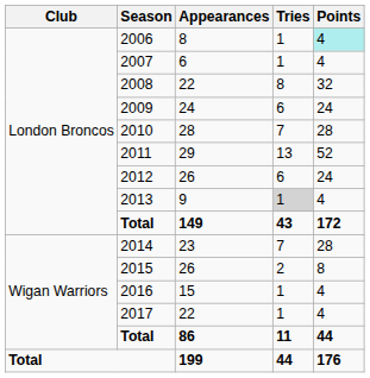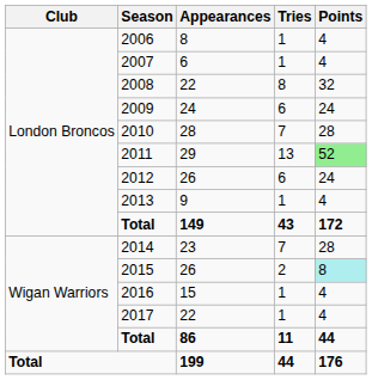 <table class="wikitable">
 <tr>
 <th>Club</th>
 <th>Season</th>
 <th>Appearances</th>
 <th>Tries</th>
 <th>Points</th>
 </tr>
 <tr>
 <td rowspan="9">London Broncos</td>
 <td>2006</td>
 <td>8</td>
 <td>1</td>
-<td style="background: paleturquoise;">4</td>
+<td>4</td>
 </tr>
 <tr>
 <td>2007</td>
 <td>6</td>
 <td>1</td>
 <td>4</td>
 </tr>
 <tr>
 <td>2008</td>
 <td>22</td>
 <td>8</td>
 <td>32</td>
 </tr>
 <tr>
 <td>2009</td>
 <td>24</td>
 <td>6</td>
 <td>24</td>
 </tr>
 <tr>
 <td>2010</td>
 <td>28</td>
 <td>7</td>
 <td>28</td>
 </tr>
 <tr>
 <td>2011</td>
 <td>29</td>
 <td>13</td>
-<td>52</td>
+<td style="background: lightgreen;">52</td>
 </tr>
 <tr>
 <td>2012</td>
 <td>26</td>
 <td>6</td>
 <td>24</td>
 </tr>
 <tr>
 <td>2013</td>
 <td>9</td>
-<td style="background: lightgrey;">1</td>
+<td>1</td>
 <td>4</td>
 </tr>
 <tr>
 <td><strong>Total</strong></td>
 <td><strong>149</strong></td>
 <td><strong>43</strong></td>
 <td><strong>172</strong></td>
 </tr>
 <tr>
 <td rowspan="5">Wigan Warriors</td>
 <td>2014</td>
 <td>23</td>
 <td>7</td>
 <td>28</td>
 </tr>
 <tr>
 <td>2015</td>
 <td>26</td>
 <td>2</td>
-<td>8</td>
+<td style="background: paleturquoise;">8</td>
 </tr>
 <tr>
 <td>2016</td>
 <td>15</td>
 <td>1</td>
 <td>4</td>
 </tr>
 <tr>
 <td>2017</td>
 <td>22</td>
 <td>1</td>
 <td>4</td>
 </tr>
 <tr>
 <td><strong>Total</strong></td>
 <td><strong>86</strong></td>
 <td><strong>11</strong></td>
 <td><strong>44</strong></td>
 </tr>
 <tr>
 <td colspan="2"><strong>Total</strong></td>
 <td><strong>199</strong></td>
 <td><strong>44</strong></td>
 <td><strong>176</strong></td>
 </tr>
 </table>
